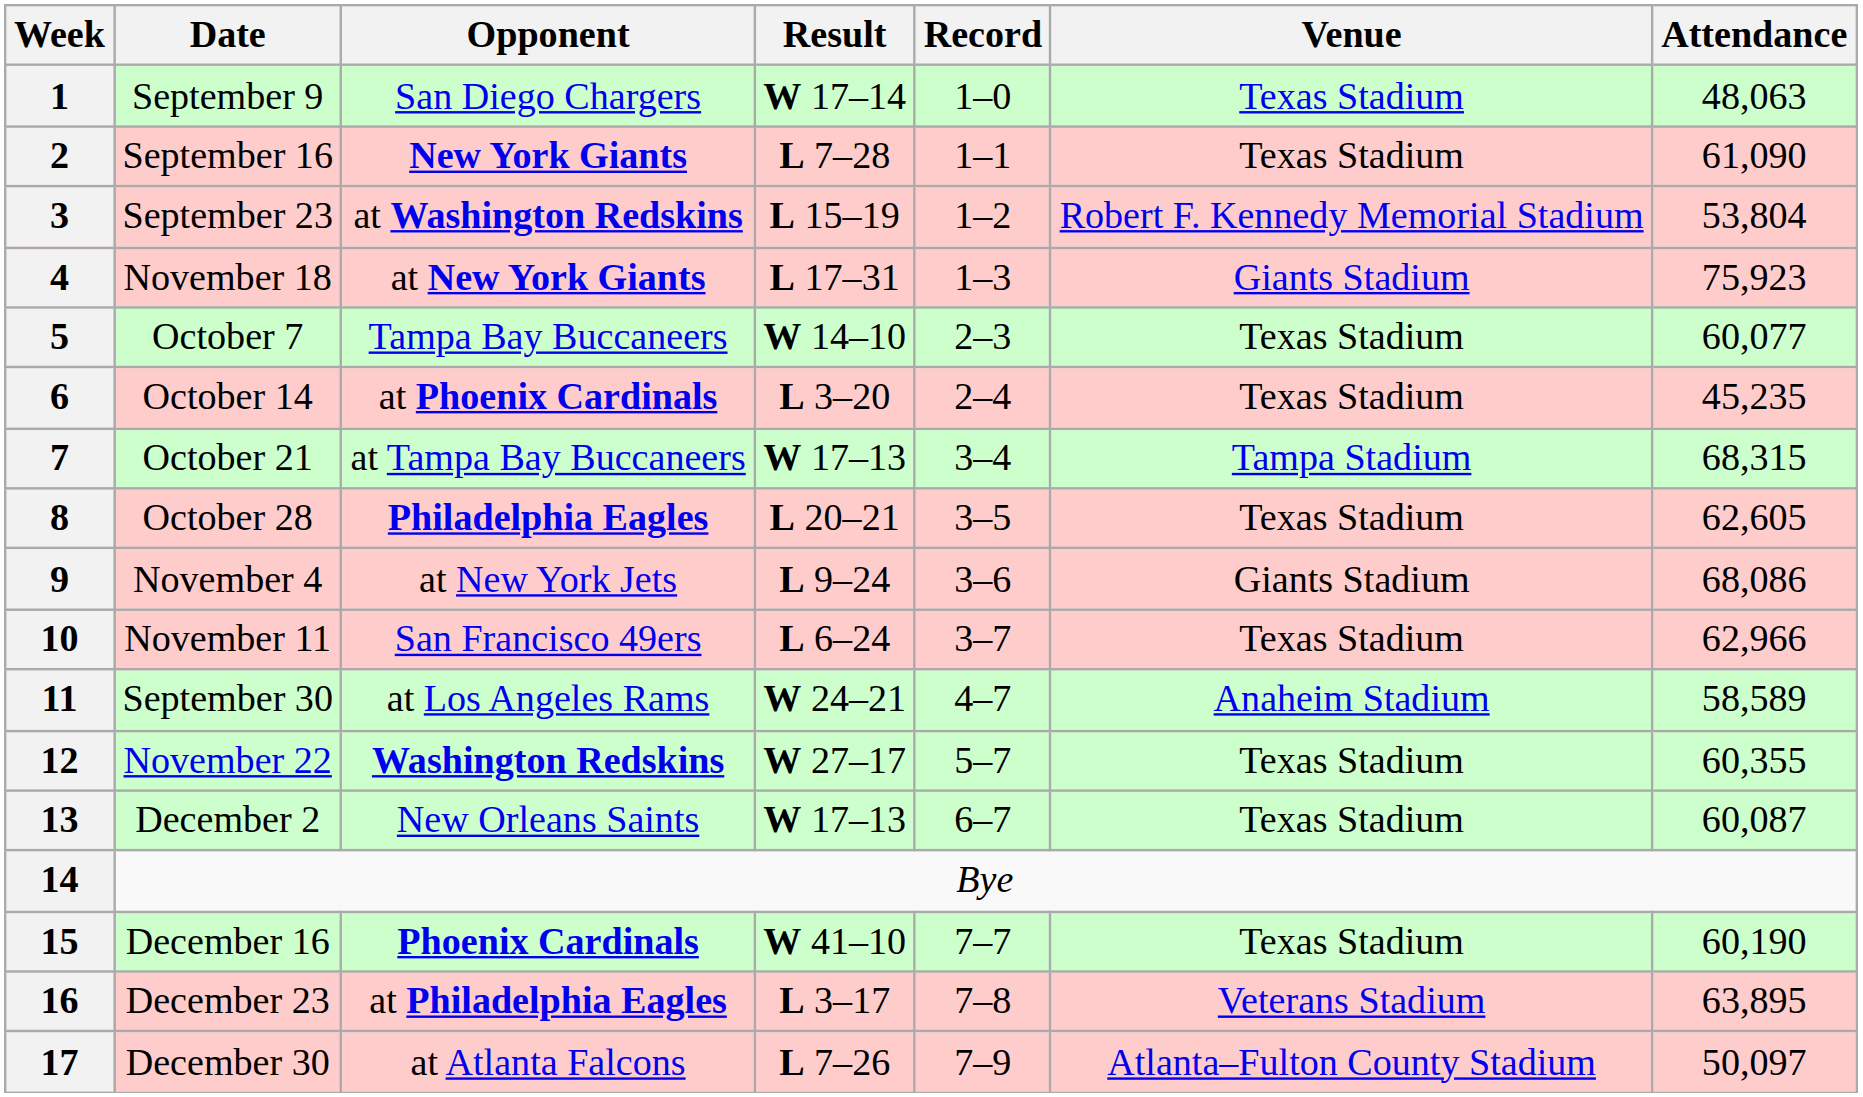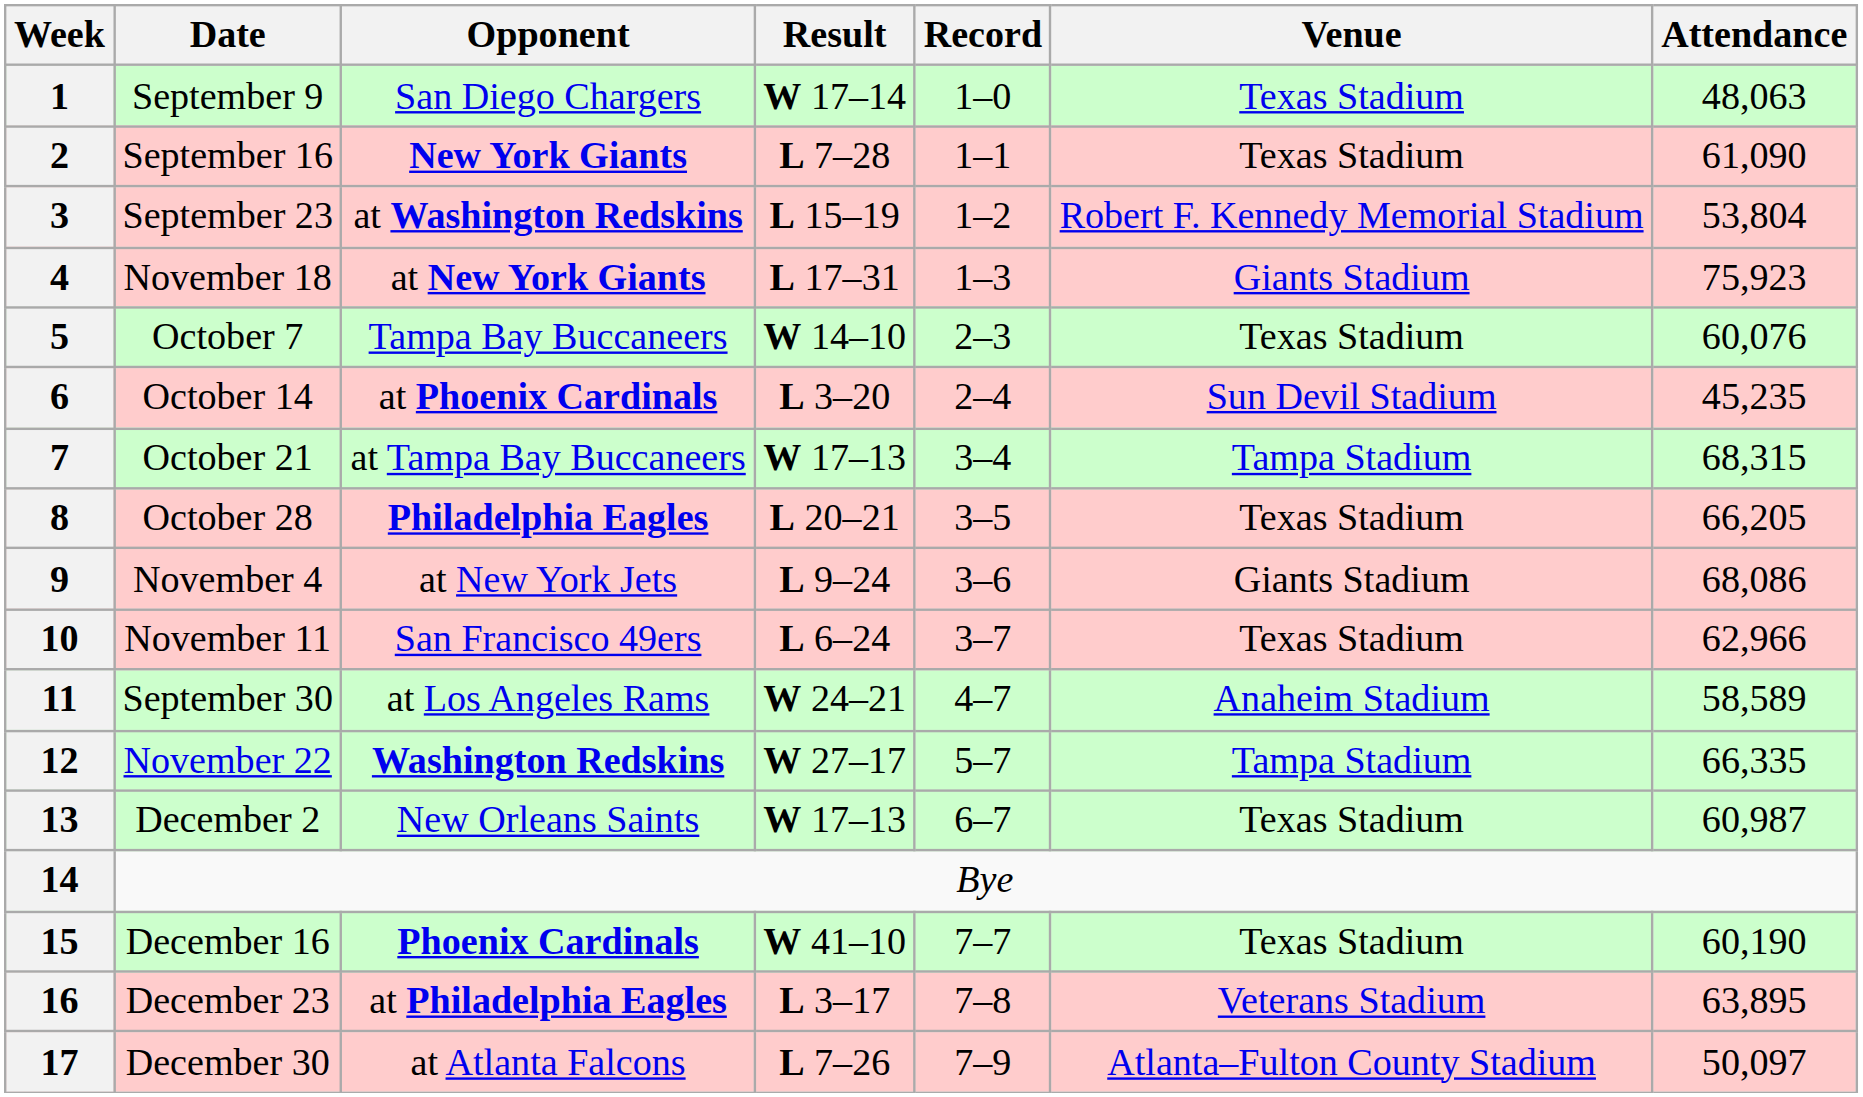 <table class="wikitable" style="text-align:center">
 <tr>
 <th>Week</th>
 <th>Date</th>
 <th>Opponent</th>
 <th>Result</th>
 <th>Record</th>
 <th>Venue</th>
 <th>Attendance</th>
 </tr>
 <tr style="background:#cfc">
 <th>1</th>
 <td>September 9</td>
 <td><a href='#'>San Diego Chargers</a></td>
 <td><strong>W</strong> 17–14</td>
 <td>1–0</td>
 <td><a href='#'>Texas Stadium</a></td>
 <td>48,063</td>
 </tr>
 <tr style="background:#fcc">
 <th>2</th>
 <td>September 16</td>
 <td><strong><a href='#'>New York Giants</a></strong></td>
 <td><strong>L</strong> 7–28</td>
 <td>1–1</td>
 <td>Texas Stadium</td>
 <td>61,090</td>
 </tr>
 <tr style="background:#fcc">
 <th>3</th>
 <td>September 23</td>
 <td>at <strong><a href='#'>Washington Redskins</a></strong></td>
 <td><strong>L</strong> 15–19</td>
 <td>1–2</td>
 <td><a href='#'>Robert F. Kennedy Memorial Stadium</a></td>
 <td>53,804</td>
 </tr>
 <tr style="background:#fcc">
 <th>4</th>
 <td>November 18</td>
 <td>at <strong><a href='#'>New York Giants</a></strong></td>
 <td><strong>L</strong> 17–31</td>
 <td>1–3</td>
 <td><a href='#'>Giants Stadium</a></td>
 <td>75,923</td>
 </tr>
 <tr style="background:#cfc">
 <th>5</th>
 <td>October 7</td>
 <td><a href='#'>Tampa Bay Buccaneers</a></td>
 <td><strong>W</strong> 14–10</td>
 <td>2–3</td>
 <td>Texas Stadium</td>
-<td>60,077</td>
+<td>60,076</td>
 </tr>
 <tr style="background:#fcc">
 <th>6</th>
 <td>October 14</td>
 <td>at <strong><a href='#'>Phoenix Cardinals</a></strong></td>
 <td><strong>L</strong> 3–20</td>
 <td>2–4</td>
-<td>Texas Stadium</td>
+<td><a href='#'>Sun Devil Stadium</a></td>
 <td>45,235</td>
 </tr>
 <tr style="background:#cfc">
 <th>7</th>
 <td>October 21</td>
 <td>at <a href='#'>Tampa Bay Buccaneers</a></td>
 <td><strong>W</strong> 17–13</td>
 <td>3–4</td>
 <td><a href='#'>Tampa Stadium</a></td>
 <td>68,315</td>
 </tr>
 <tr style="background:#fcc">
 <th>8</th>
 <td>October 28</td>
 <td><strong><a href='#'>Philadelphia Eagles</a></strong></td>
 <td><strong>L</strong> 20–21</td>
 <td>3–5</td>
 <td>Texas Stadium</td>
-<td>62,605</td>
+<td>66,205</td>
 </tr>
 <tr style="background:#fcc">
 <th>9</th>
 <td>November 4</td>
 <td>at <a href='#'>New York Jets</a></td>
 <td><strong>L</strong> 9–24</td>
 <td>3–6</td>
 <td>Giants Stadium</td>
 <td>68,086</td>
 </tr>
 <tr style="background:#fcc">
 <th>10</th>
 <td>November 11</td>
 <td><a href='#'>San Francisco 49ers</a></td>
 <td><strong>L</strong> 6–24</td>
 <td>3–7</td>
 <td>Texas Stadium</td>
 <td>62,966</td>
 </tr>
 <tr style="background:#cfc">
 <th>11</th>
 <td>September 30</td>
 <td>at <a href='#'>Los Angeles Rams</a></td>
 <td><strong>W</strong> 24–21</td>
 <td>4–7</td>
 <td><a href='#'>Anaheim Stadium</a></td>
 <td>58,589</td>
 </tr>
 <tr style="background:#cfc">
 <th>12</th>
 <td><a href='#'>November 22</a></td>
 <td><strong><a href='#'>Washington Redskins</a></strong></td>
 <td><strong>W</strong> 27–17</td>
 <td>5–7</td>
-<td>Texas Stadium</td>
-<td>60,355</td>
+<td><a href='#'>Tampa Stadium</a></td>
+<td>66,335</td>
 </tr>
 <tr style="background:#cfc">
 <th>13</th>
 <td>December 2</td>
 <td><a href='#'>New Orleans Saints</a></td>
 <td><strong>W</strong> 17–13</td>
 <td>6–7</td>
 <td>Texas Stadium</td>
-<td>60,087</td>
+<td>60,987</td>
 </tr>
 <tr>
 <th>14</th>
 <td align="center" colspan="6"><em>Bye</em></td>
 </tr>
 <tr style="background:#cfc">
 <th>15</th>
 <td>December 16</td>
 <td><strong><a href='#'>Phoenix Cardinals</a></strong></td>
 <td><strong>W</strong> 41–10</td>
 <td>7–7</td>
 <td>Texas Stadium</td>
 <td>60,190</td>
 </tr>
 <tr style="background:#fcc">
 <th>16</th>
 <td>December 23</td>
 <td>at <strong><a href='#'>Philadelphia Eagles</a></strong></td>
 <td><strong>L</strong> 3–17</td>
 <td>7–8</td>
 <td><a href='#'>Veterans Stadium</a></td>
 <td>63,895</td>
 </tr>
 <tr style="background:#fcc">
 <th>17</th>
 <td>December 30</td>
 <td>at <a href='#'>Atlanta Falcons</a></td>
 <td><strong>L</strong> 7–26</td>
 <td>7–9</td>
 <td><a href='#'>Atlanta–Fulton County Stadium</a></td>
 <td>50,097</td>
 </tr>
 </table>
